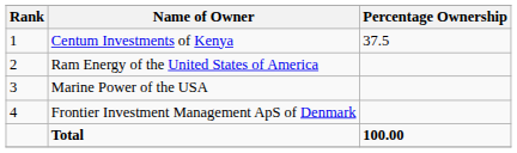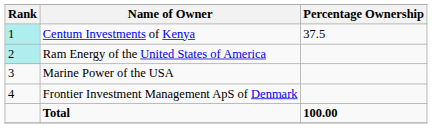 <table class="wikitable sortable" style="margin:0.5em auto">
 <tr>
 </tr>
 <tr>
 <th style="width:2em;">Rank</th>
 <th>Name of Owner</th>
 <th>Percentage Ownership</th>
 </tr>
 <tr>
-<td>1</td>
+<td style="background: paleturquoise;">1</td>
 <td><a href='#'>Centum Investments</a> of <a href='#'>Kenya</a></td>
 <td>37.5</td>
 </tr>
 <tr>
-<td>2</td>
+<td style="background: paleturquoise;">2</td>
 <td>Ram Energy of the <a href='#'>United States of America</a></td>
 <td></td>
 </tr>
 <tr>
 <td>3</td>
 <td>Marine Power of the USA</td>
 <td></td>
 </tr>
 <tr>
 <td>4</td>
 <td>Frontier Investment Management ApS of <a href='#'>Denmark</a></td>
 <td></td>
 </tr>
 <tr>
 <td></td>
 <td><strong>Total</strong></td>
 <td><strong>100.00</strong></td>
 </tr>
 <tr>
 </tr>
 </table>
